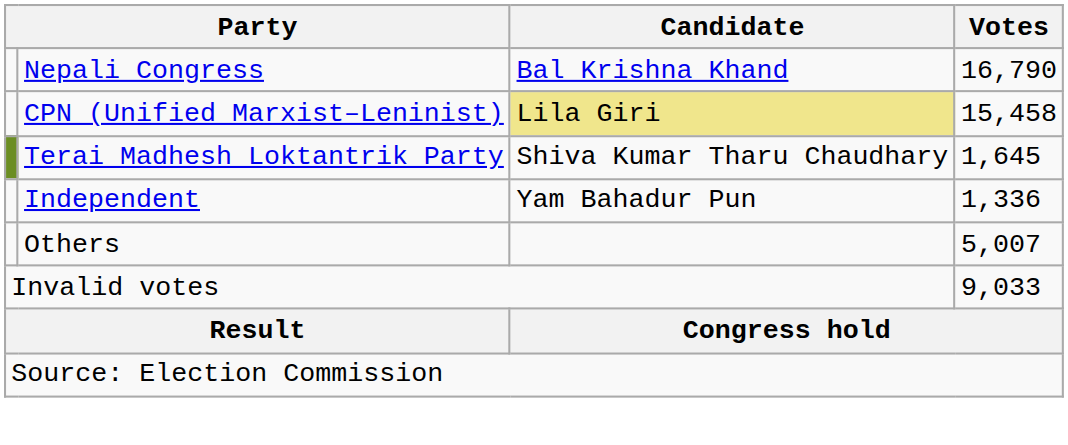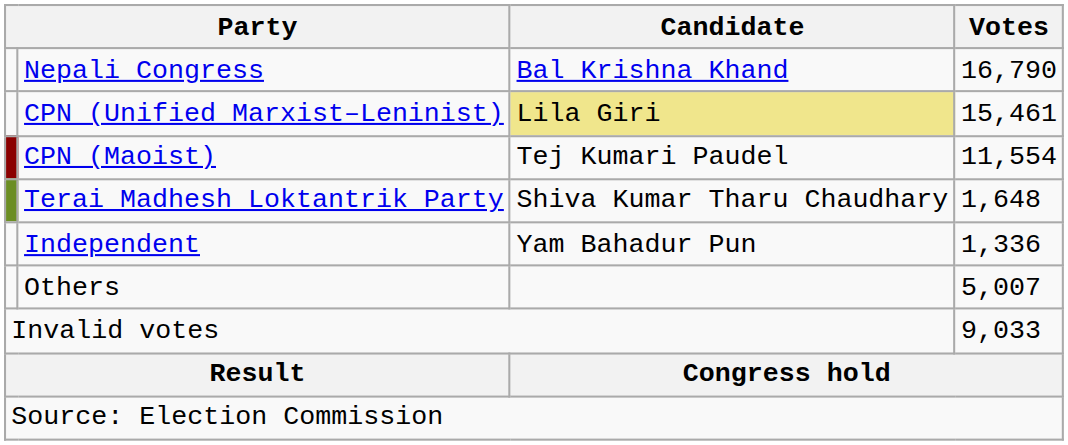 <table class="wikitable">
 <tr>
 <th colspan="2">Party</th>
 <th>Candidate</th>
 <th>Votes</th>
 </tr>
 <tr>
 <td style="background-color:"></td>
 <td><a href='#'>Nepali Congress</a></td>
 <td><a href='#'>Bal Krishna Khand</a></td>
 <td>16,790</td>
 </tr>
 <tr>
 <td style="background-color:"></td>
 <td><a href='#'>CPN (Unified Marxist–Leninist)</a></td>
 <td style="background: khaki;">Lila Giri</td>
-<td>15,458</td>
+<td>15,461</td>
+</tr>
+<tr>
+<td style="background-color:darkred"></td>
+<td><a href='#'>CPN (Maoist)</a></td>
+<td>Tej Kumari Paudel</td>
+<td>11,554</td>
 </tr>
 <tr>
 <td style="background-color:olivedrab"></td>
 <td><a href='#'>Terai Madhesh Loktantrik Party</a></td>
 <td>Shiva Kumar Tharu Chaudhary</td>
-<td>1,645</td>
+<td>1,648</td>
 </tr>
 <tr>
 <td style="background-color:"></td>
 <td><a href='#'>Independent</a></td>
 <td>Yam Bahadur Pun</td>
 <td>1,336</td>
 </tr>
 <tr>
 <td></td>
 <td>Others</td>
 <td></td>
 <td>5,007</td>
 </tr>
 <tr>
 <td colspan="3">Invalid votes</td>
 <td>9,033</td>
 </tr>
 <tr>
 <th colspan="2">Result</th>
 <th colspan="2">Congress hold</th>
 </tr>
 <tr>
 <td colspan="4">Source: Election Commission</td>
 </tr>
 </table>
